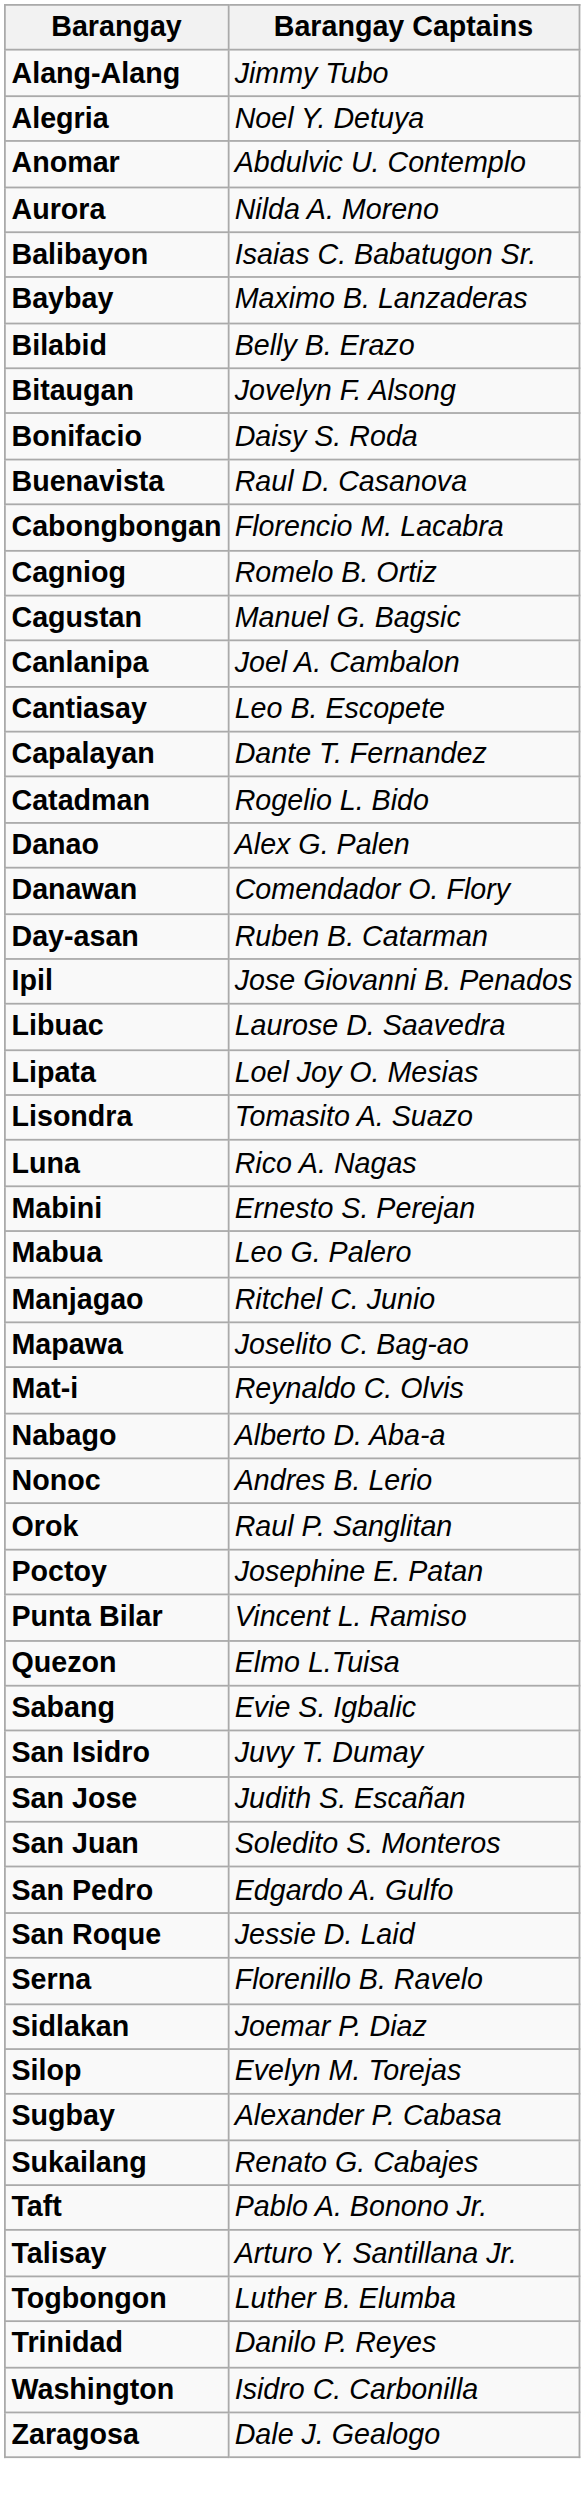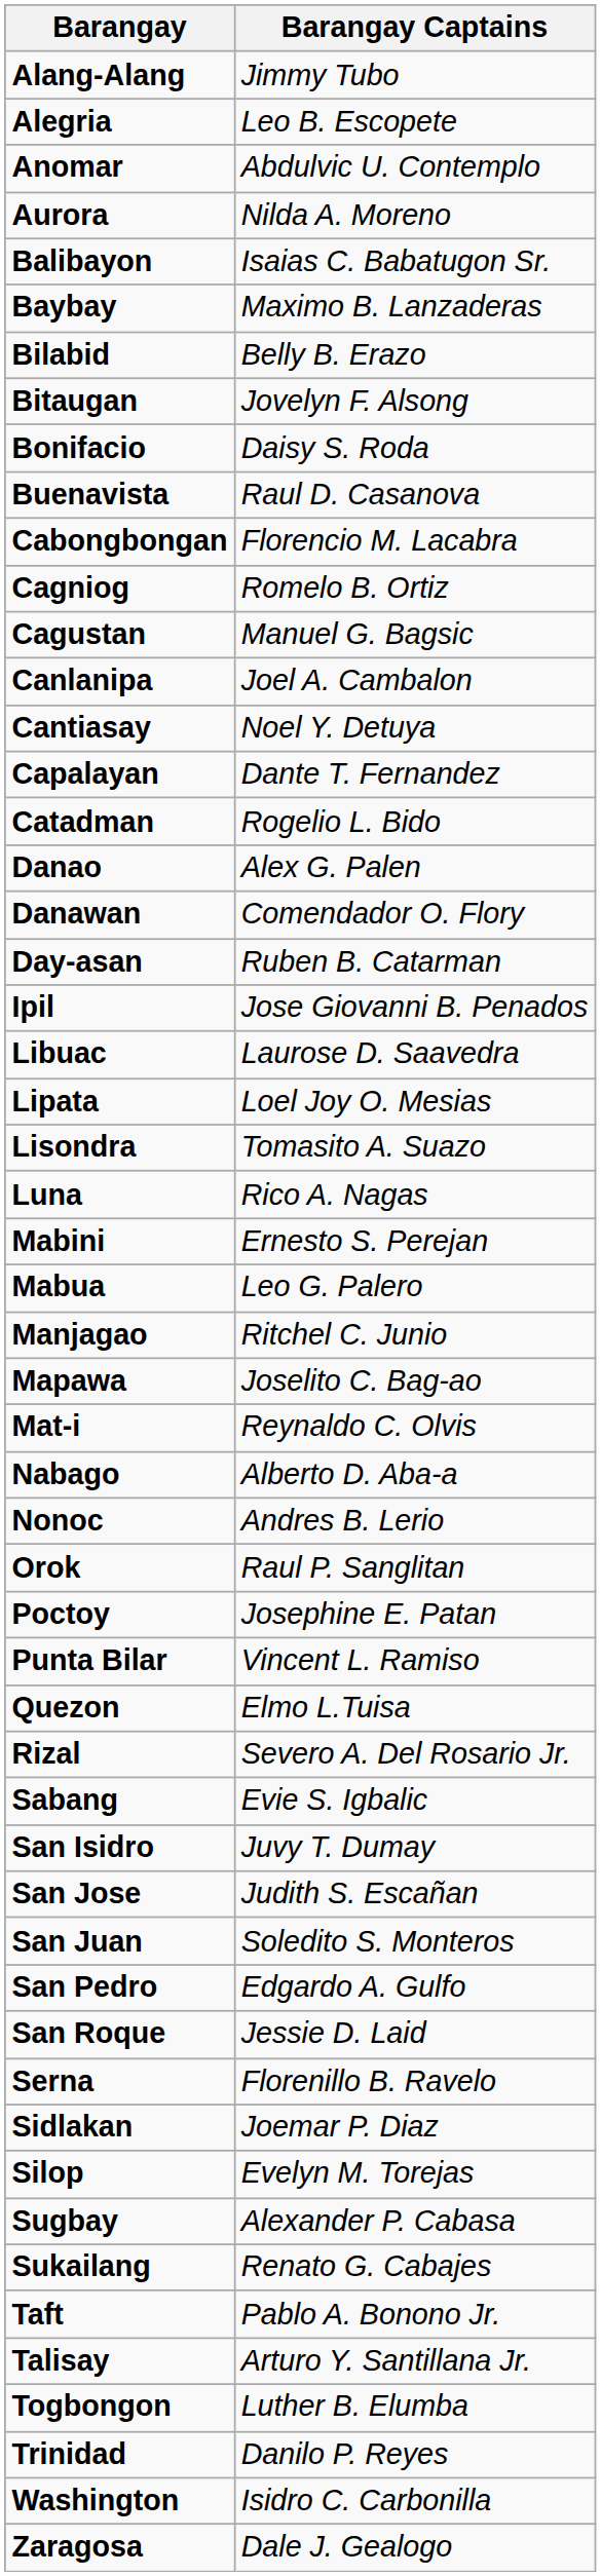 <table class="wikitable">
 <tr>
 <th>Barangay</th>
 <th>Barangay Captains</th>
 </tr>
 <tr>
 <td><strong>Alang-Alang</strong></td>
 <td><em>Jimmy Tubo</em></td>
 </tr>
 <tr>
 <td><strong>Alegria</strong></td>
-<td><em>Noel Y. Detuya</em></td>
+<td><em>Leo B. Escopete</em></td>
 </tr>
 <tr>
 <td><strong>Anomar</strong></td>
 <td><em>Abdulvic U. Contemplo</em></td>
 </tr>
 <tr>
 <td><strong>Aurora</strong></td>
 <td><em>Nilda A. Moreno</em></td>
 </tr>
 <tr>
 <td><strong>Balibayon</strong></td>
 <td><em>Isaias C. Babatugon Sr.</em></td>
 </tr>
 <tr>
 <td><strong>Baybay</strong></td>
 <td><em>Maximo B. Lanzaderas</em></td>
 </tr>
 <tr>
 <td><strong>Bilabid</strong></td>
 <td><em>Belly B. Erazo</em></td>
 </tr>
 <tr>
 <td><strong>Bitaugan</strong></td>
 <td><em>Jovelyn F. Alsong</em></td>
 </tr>
 <tr>
 <td><strong>Bonifacio</strong></td>
 <td><em>Daisy S. Roda</em></td>
 </tr>
 <tr>
 <td><strong>Buenavista</strong></td>
 <td><em>Raul D. Casanova</em></td>
 </tr>
 <tr>
 <td><strong>Cabongbongan</strong></td>
 <td><em>Florencio M. Lacabra</em></td>
 </tr>
 <tr>
 <td><strong>Cagniog</strong></td>
 <td><em>Romelo B. Ortiz</em></td>
 </tr>
 <tr>
 <td><strong>Cagustan</strong></td>
 <td><em>Manuel G. Bagsic</em></td>
 </tr>
 <tr>
 <td><strong>Canlanipa</strong></td>
 <td><em>Joel A. Cambalon</em></td>
 </tr>
 <tr>
 <td><strong>Cantiasay</strong></td>
-<td><em>Leo B. Escopete</em></td>
+<td><em>Noel Y. Detuya</em></td>
 </tr>
 <tr>
 <td><strong>Capalayan</strong></td>
 <td><em>Dante T. Fernandez</em></td>
 </tr>
 <tr>
 <td><strong>Catadman</strong></td>
 <td><em>Rogelio L. Bido</em></td>
 </tr>
 <tr>
 <td><strong>Danao</strong></td>
 <td><em>Alex G. Palen</em></td>
 </tr>
 <tr>
 <td><strong>Danawan</strong></td>
 <td><em>Comendador O. Flory</em></td>
 </tr>
 <tr>
 <td><strong>Day-asan</strong></td>
 <td><em>Ruben B. Catarman</em></td>
 </tr>
 <tr>
 <td><strong>Ipil</strong></td>
 <td><em>Jose Giovanni B. Penados</em></td>
 </tr>
 <tr>
 <td><strong>Libuac</strong></td>
 <td><em>Laurose D. Saavedra</em></td>
 </tr>
 <tr>
 <td><strong>Lipata</strong></td>
 <td><em>Loel Joy O. Mesias</em></td>
 </tr>
 <tr>
 <td><strong>Lisondra</strong></td>
 <td><em>Tomasito A. Suazo</em></td>
 </tr>
 <tr>
 <td><strong>Luna</strong></td>
 <td><em>Rico A. Nagas</em></td>
 </tr>
 <tr>
 <td><strong>Mabini</strong></td>
 <td><em>Ernesto S. Perejan</em></td>
 </tr>
 <tr>
 <td><strong>Mabua</strong></td>
 <td><em>Leo G. Palero</em></td>
 </tr>
 <tr>
 <td><strong>Manjagao</strong></td>
 <td><em>Ritchel C. Junio</em></td>
 </tr>
 <tr>
 <td><strong>Mapawa</strong></td>
 <td><em>Joselito C. Bag-ao</em></td>
 </tr>
 <tr>
 <td><strong>Mat-i</strong></td>
 <td><em>Reynaldo C. Olvis</em></td>
 </tr>
 <tr>
 <td><strong>Nabago</strong></td>
 <td><em>Alberto D. Aba-a</em></td>
 </tr>
 <tr>
 <td><strong>Nonoc</strong></td>
 <td><em>Andres B. Lerio</em></td>
 </tr>
 <tr>
 <td><strong>Orok</strong></td>
 <td><em>Raul P. Sanglitan</em></td>
 </tr>
 <tr>
 <td><strong>Poctoy</strong></td>
 <td><em>Josephine E. Patan</em></td>
 </tr>
 <tr>
 <td><strong>Punta Bilar</strong></td>
 <td><em>Vincent L. Ramiso</em></td>
 </tr>
 <tr>
 <td><strong>Quezon</strong></td>
 <td><em>Elmo L.Tuisa</em></td>
 </tr>
 <tr>
+<td><strong>Rizal</strong></td>
+<td><em>Severo A. Del Rosario Jr.</em></td>
+</tr>
+<tr>
 <td><strong>Sabang</strong></td>
 <td><em>Evie S. Igbalic</em></td>
 </tr>
 <tr>
 <td><strong>San Isidro</strong></td>
 <td><em>Juvy T. Dumay</em></td>
 </tr>
 <tr>
 <td><strong>San Jose</strong></td>
 <td><em>Judith S. Escañan</em></td>
 </tr>
 <tr>
 <td><strong>San Juan</strong></td>
 <td><em>Soledito S. Monteros</em></td>
 </tr>
 <tr>
 <td><strong>San Pedro</strong></td>
 <td><em>Edgardo A. Gulfo</em></td>
 </tr>
 <tr>
 <td><strong>San Roque</strong></td>
 <td><em>Jessie D. Laid</em></td>
 </tr>
 <tr>
 <td><strong>Serna</strong></td>
 <td><em>Florenillo B. Ravelo</em></td>
 </tr>
 <tr>
 <td><strong>Sidlakan</strong></td>
 <td><em>Joemar P. Diaz</em></td>
 </tr>
 <tr>
 <td><strong>Silop</strong></td>
 <td><em>Evelyn M. Torejas</em></td>
 </tr>
 <tr>
 <td><strong>Sugbay</strong></td>
 <td><em>Alexander P. Cabasa</em></td>
 </tr>
 <tr>
 <td><strong>Sukailang</strong></td>
 <td><em>Renato G. Cabajes</em></td>
 </tr>
 <tr>
 <td><strong>Taft</strong></td>
 <td><em>Pablo A. Bonono Jr.</em></td>
 </tr>
 <tr>
 <td><strong>Talisay</strong></td>
 <td><em>Arturo Y. Santillana Jr.</em></td>
 </tr>
 <tr>
 <td><strong>Togbongon</strong></td>
 <td><em>Luther B. Elumba</em></td>
 </tr>
 <tr>
 <td><strong>Trinidad</strong></td>
 <td><em>Danilo P. Reyes</em></td>
 </tr>
 <tr>
 <td><strong>Washington</strong></td>
 <td><em>Isidro C. Carbonilla</em></td>
 </tr>
 <tr>
 <td><strong>Zaragosa</strong></td>
 <td><em>Dale J. Gealogo</em></td>
 </tr>
 </table>
